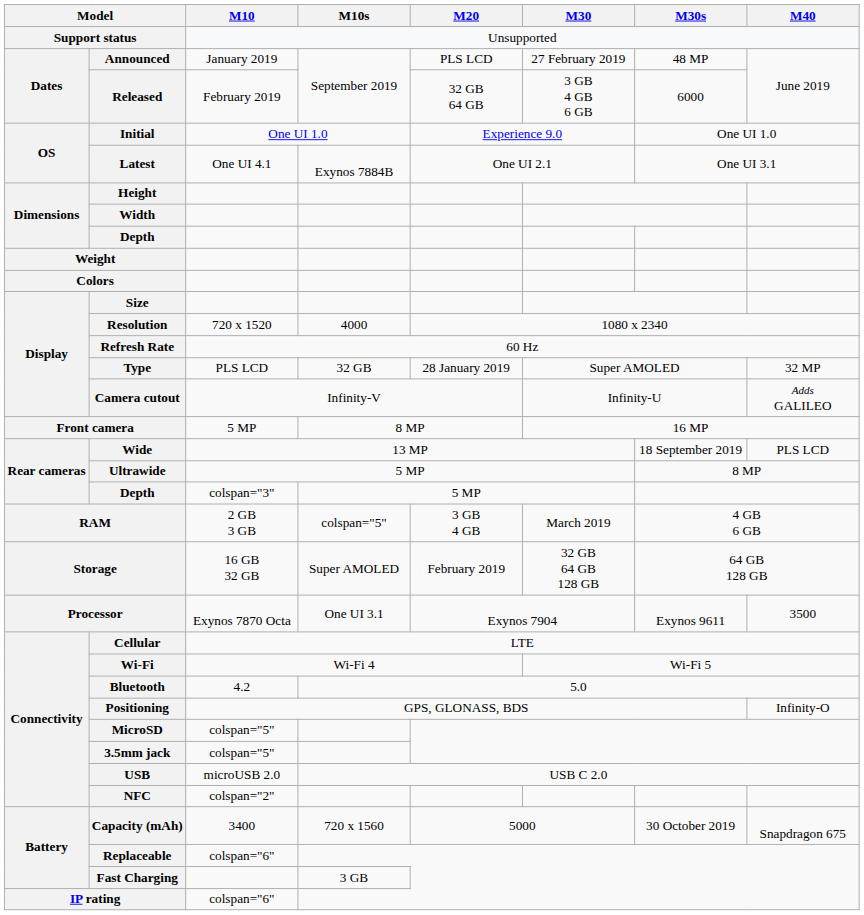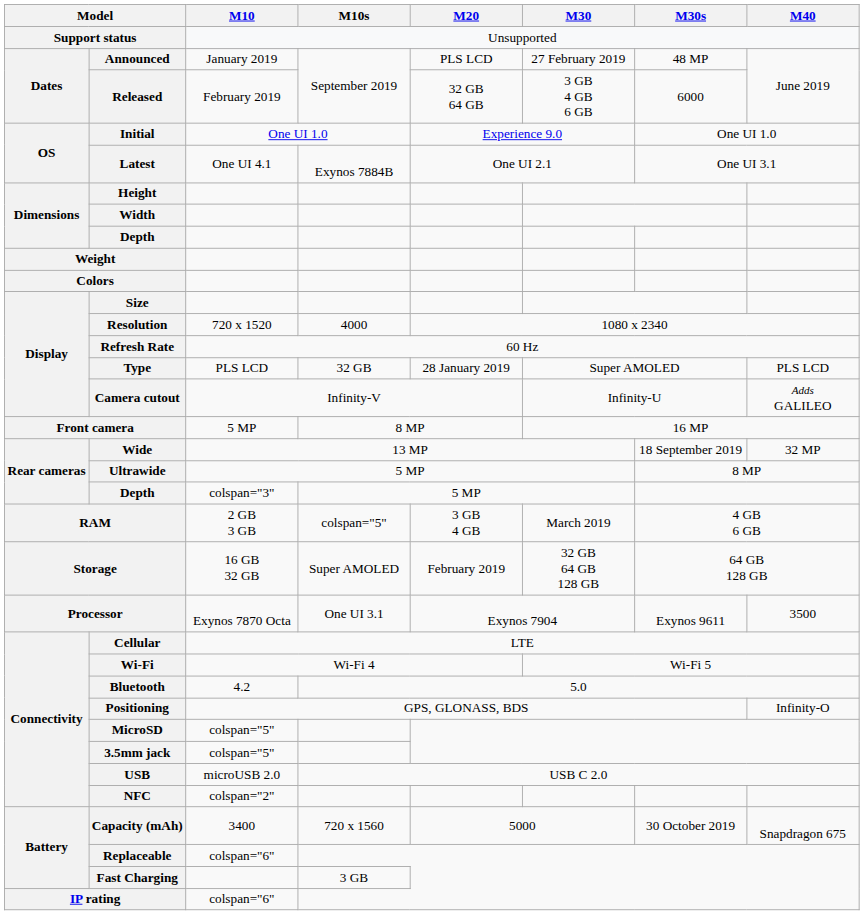 <table class="wikitable" style="text-align:center; font-size:90%;">
 <tr>
 <th colspan="2">Model</th>
 <th style="min-width: 8em"><a href='#'>M10</a></th>
 <th style="min-width: 8em">M10s</th>
 <th style="min-width: 8em"><a href='#'>M20</a></th>
 <th style="min-width: 8em"><a href='#'>M30</a></th>
 <th style="min-width: 8em"><a href='#'>M30s</a></th>
 <th style="min-width: 8em"><a href='#'>M40</a></th>
 </tr>
 <tr>
 <th colspan="2">Support status</th>
 <td style="background:#f8f9fa" colspan="6">Unsupported</td>
 </tr>
 <tr>
 <th rowspan="2">Dates</th>
 <th>Announced</th>
 <td>January 2019</td>
 <td rowspan="2">September 2019</td>
 <td>PLS LCD</td>
 <td>27 February 2019</td>
 <td>48 MP</td>
 <td rowspan="2">June 2019</td>
 </tr>
 <tr>
 <th>Released</th>
 <td>February 2019</td>
 <td>32 GB<br>64 GB</td>
 <td>3 GB<br>4 GB<br>6 GB</td>
 <td>6000</td>
 </tr>
 <tr>
 <th rowspan="2">OS</th>
 <th>Initial</th>
 <td colspan="2"><a href='#'>One UI 1.0</a><br></td>
 <td colspan="2"><a href='#'>Experience 9.0</a><br></td>
 <td colspan="2">One UI 1.0<br></td>
 </tr>
 <tr>
 <th>Latest</th>
 <td>One UI 4.1<br></td>
 <td><br>Exynos 7884B</td>
 <td colspan="2">One UI 2.1<br></td>
 <td colspan="2">One UI 3.1<br></td>
 </tr>
 <tr>
 <th rowspan="3">Dimensions<br></th>
 <th>Height</th>
 <td></td>
 <td></td>
 <td></td>
 <td colspan="2"></td>
 <td></td>
 </tr>
 <tr>
 <th>Width</th>
 <td></td>
 <td></td>
 <td></td>
 <td colspan="2"></td>
 <td></td>
 </tr>
 <tr>
 <th>Depth</th>
 <td></td>
 <td></td>
 <td></td>
 <td></td>
 <td></td>
 <td></td>
 </tr>
 <tr>
 <th colspan="2">Weight<br></th>
 <td></td>
 <td></td>
 <td></td>
 <td></td>
 <td></td>
 <td></td>
 </tr>
 <tr>
 <th colspan="2">Colors</th>
 <td> </td>
 <td> </td>
 <td> </td>
 <td> </td>
 <td>  </td>
 <td>  </td>
 </tr>
 <tr>
 <th rowspan="5">Display</th>
 <th>Size</th>
 <td></td>
 <td></td>
 <td></td>
 <td colspan="2"></td>
 <td></td>
 </tr>
 <tr>
 <th>Resolution</th>
 <td>720 x 1520</td>
 <td>4000</td>
 <td colspan="4">1080 x 2340</td>
 </tr>
 <tr>
 <th>Refresh Rate</th>
 <td colspan="6">60 Hz</td>
 </tr>
 <tr>
 <th>Type</th>
 <td>PLS LCD</td>
 <td>32 GB</td>
 <td>28 January 2019</td>
 <td colspan="2">Super AMOLED</td>
-<td>32 MP</td>
+<td>PLS LCD</td>
 </tr>
 <tr>
 <th>Camera cutout</th>
 <td colspan="3">Infinity-V</td>
 <td colspan="2">Infinity-U</td>
 <td><small><em>Adds</em></small><br>GALILEO</td>
 </tr>
 <tr>
 <th colspan="2">Front camera</th>
 <td>5 MP</td>
 <td colspan="2">8 MP</td>
 <td colspan="3">16 MP</td>
 </tr>
 <tr>
 <th rowspan="3">Rear cameras</th>
 <th>Wide</th>
 <td colspan="4">13 MP</td>
 <td>18 September 2019</td>
-<td>PLS LCD</td>
+<td>32 MP</td>
 </tr>
 <tr>
 <th>Ultrawide</th>
 <td colspan="4">5 MP</td>
 <td colspan="2">8 MP</td>
 </tr>
 <tr>
 <th>Depth</th>
 <td>colspan="3" </td>
 <td colspan="3">5 MP</td>
 </tr>
 <tr>
 <th colspan="2">RAM</th>
 <td>2 GB<br>3 GB</td>
 <td>colspan="5" </td>
 <td>3 GB<br>4 GB</td>
 <td>March 2019</td>
 <td colspan="2">4 GB<br>6 GB</td>
 </tr>
 <tr>
 <th colspan="2">Storage</th>
 <td>16 GB<br>32 GB</td>
 <td>Super AMOLED</td>
 <td>February 2019</td>
 <td>32 GB<br>64 GB<br>128 GB</td>
 <td colspan="2">64 GB<br>128 GB</td>
 </tr>
 <tr>
 <th colspan="2">Processor</th>
 <td><br>Exynos 7870 Octa</td>
 <td>One UI 3.1<br></td>
 <td colspan="2"><br>Exynos 7904</td>
 <td><br>Exynos 9611</td>
 <td>3500</td>
 </tr>
 <tr>
 <th rowspan="8">Connectivity</th>
 <th>Cellular</th>
 <td colspan="6">LTE</td>
 </tr>
 <tr>
 <th>Wi-Fi</th>
 <td colspan="3">Wi-Fi 4</td>
 <td colspan="3">Wi-Fi 5</td>
 </tr>
 <tr>
 <th>Bluetooth</th>
 <td>4.2</td>
 <td colspan="5">5.0</td>
 </tr>
 <tr>
 <th>Positioning</th>
 <td colspan="5">GPS, GLONASS, BDS</td>
 <td>Infinity-O</td>
 </tr>
 <tr>
 <th>MicroSD</th>
 <td>colspan="5" </td>
 <td></td>
 </tr>
 <tr>
 <th>3.5mm jack</th>
 <td>colspan="5" </td>
 <td></td>
 </tr>
 <tr>
 <th>USB</th>
 <td>microUSB 2.0</td>
 <td colspan="5">USB C 2.0</td>
 </tr>
 <tr>
 <th>NFC</th>
 <td>colspan="2" </td>
 <td></td>
 <td></td>
 <td></td>
 <td></td>
 </tr>
 <tr>
 <th rowspan="3">Battery</th>
 <th>Capacity (mAh)</th>
 <td>3400</td>
 <td>720 x 1560</td>
 <td colspan="2">5000</td>
 <td>30 October 2019</td>
 <td><br>Snapdragon 675</td>
 </tr>
 <tr>
 <th>Replaceable</th>
 <td>colspan="6" </td>
 </tr>
 <tr>
 <th>Fast Charging</th>
 <td></td>
 <td>3 GB</td>
 </tr>
 <tr>
 <th colspan="2"><a href='#'>IP</a> rating</th>
 <td>colspan="6" </td>
 </tr>
 </table>
